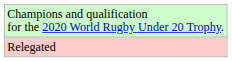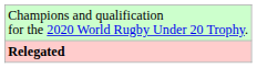 <table class="wikitable">
 <tr style="width:10px; background:#cfc;">
 <td>Champions and qualification<br>for the <a href='#'>2020 World Rugby Under 20 Trophy</a>.</td>
 </tr>
 <tr style="width:10px; background:#fcc;">
-<td>Relegated</td>
+<td><strong>Relegated</strong></td>
 </tr>
 </table>
